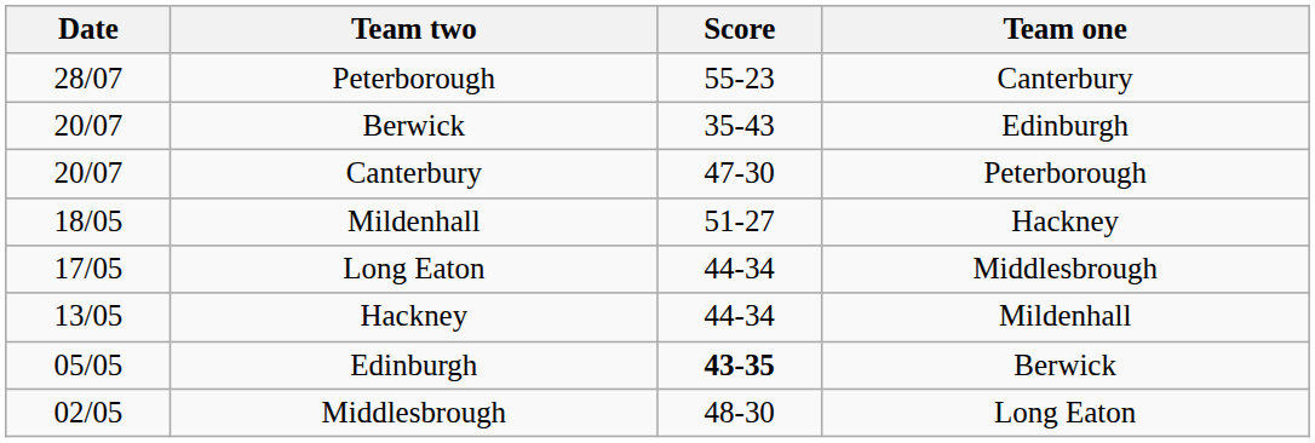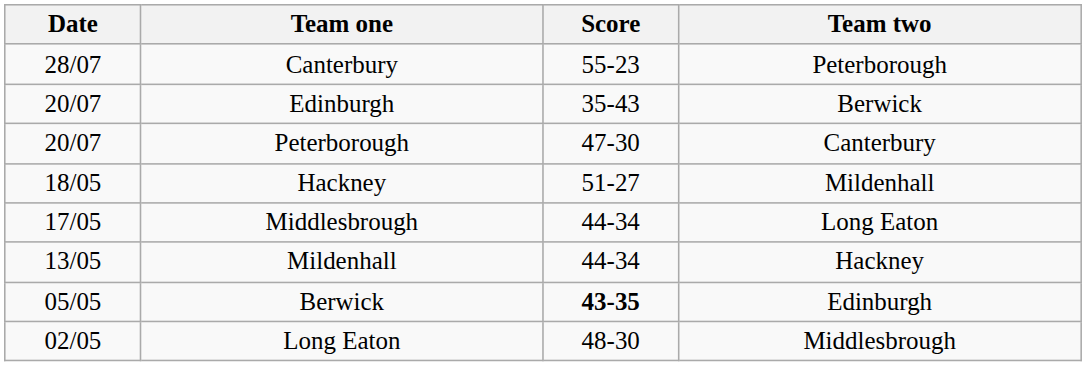 <table class="wikitable" style="text-align: center">
 <tr>
 <th width=80>Date</th>
+<th width=250>Team one</th>
+<th width=80>Score</th>
 <th width=250>Team two</th>
-<th width=80>Score</th>
-<th width=250>Team one</th>
 </tr>
 <tr>
 <td>28/07</td>
+<td>Canterbury</td>
+<td>55-23</td>
 <td>Peterborough</td>
-<td>55-23</td>
+</tr>
+<tr>
+<td>20/07</td>
+<td>Edinburgh</td>
+<td>35-43</td>
+<td>Berwick</td>
+</tr>
+<tr>
+<td>20/07</td>
+<td>Peterborough</td>
+<td>47-30</td>
 <td>Canterbury</td>
 </tr>
 <tr>
-<td>20/07</td>
+<td>18/05</td>
+<td>Hackney</td>
+<td>51-27</td>
+<td>Mildenhall</td>
+</tr>
+<tr>
+<td>17/05</td>
+<td>Middlesbrough</td>
+<td>44-34</td>
+<td>Long Eaton</td>
+</tr>
+<tr>
+<td>13/05</td>
+<td>Mildenhall</td>
+<td>44-34</td>
+<td>Hackney</td>
+</tr>
+<tr>
+<td>05/05</td>
 <td>Berwick</td>
-<td>35-43</td>
+<td><strong>43-35</strong></td>
 <td>Edinburgh</td>
 </tr>
 <tr>
-<td>20/07</td>
-<td>Canterbury</td>
-<td>47-30</td>
-<td>Peterborough</td>
-</tr>
-<tr>
-<td>18/05</td>
-<td>Mildenhall</td>
-<td>51-27</td>
-<td>Hackney</td>
-</tr>
-<tr>
-<td>17/05</td>
+<td>02/05</td>
 <td>Long Eaton</td>
-<td>44-34</td>
+<td>48-30</td>
 <td>Middlesbrough</td>
 </tr>
-<tr>
-<td>13/05</td>
-<td>Hackney</td>
-<td>44-34</td>
-<td>Mildenhall</td>
-</tr>
-<tr>
-<td>05/05</td>
-<td>Edinburgh</td>
-<td><strong>43-35</strong></td>
-<td>Berwick</td>
-</tr>
-<tr>
-<td>02/05</td>
-<td>Middlesbrough</td>
-<td>48-30</td>
-<td>Long Eaton</td>
-</tr>
 </table>
